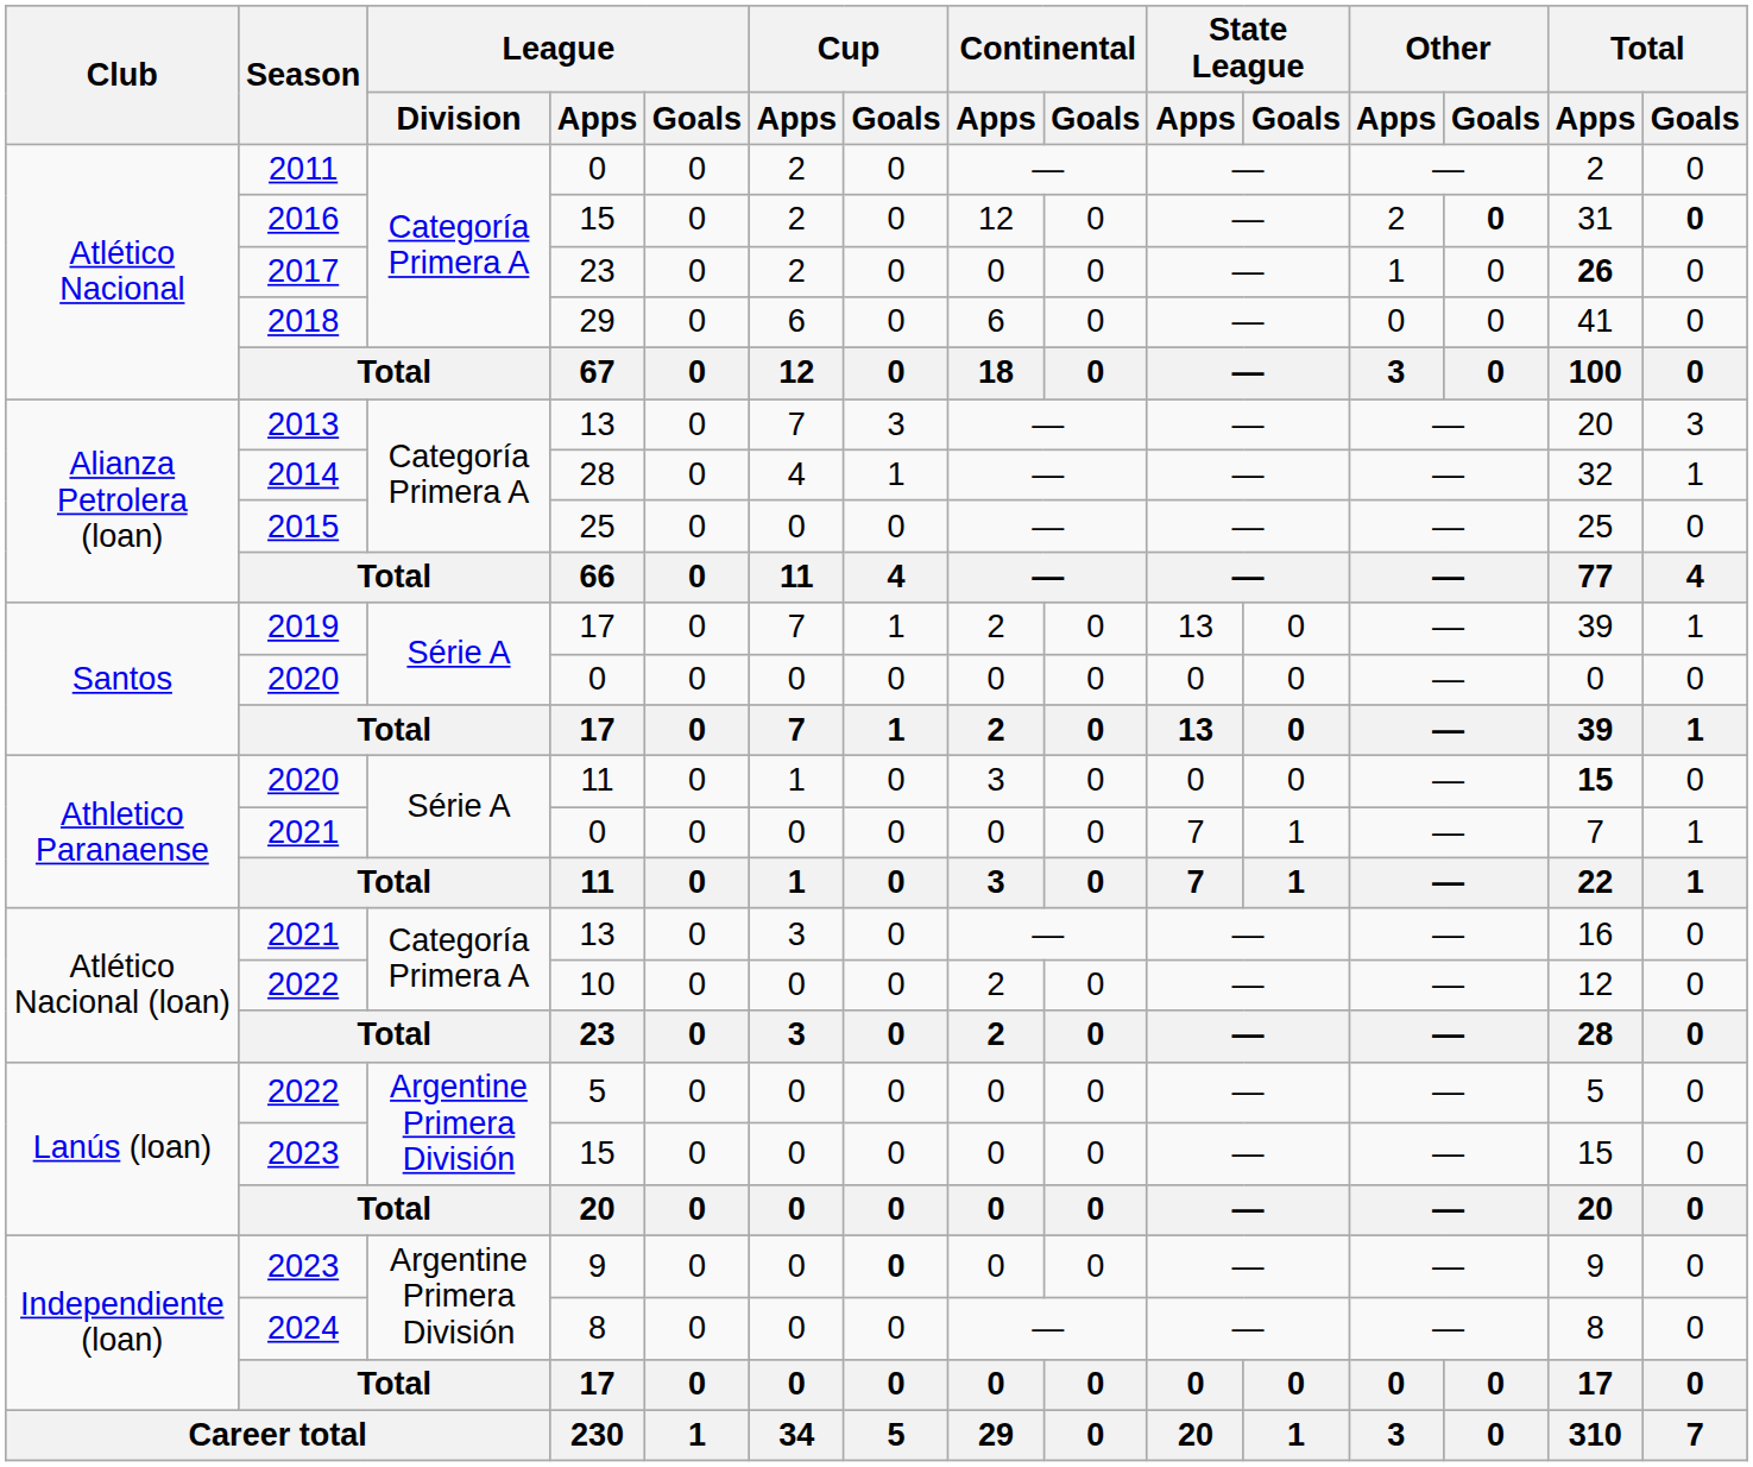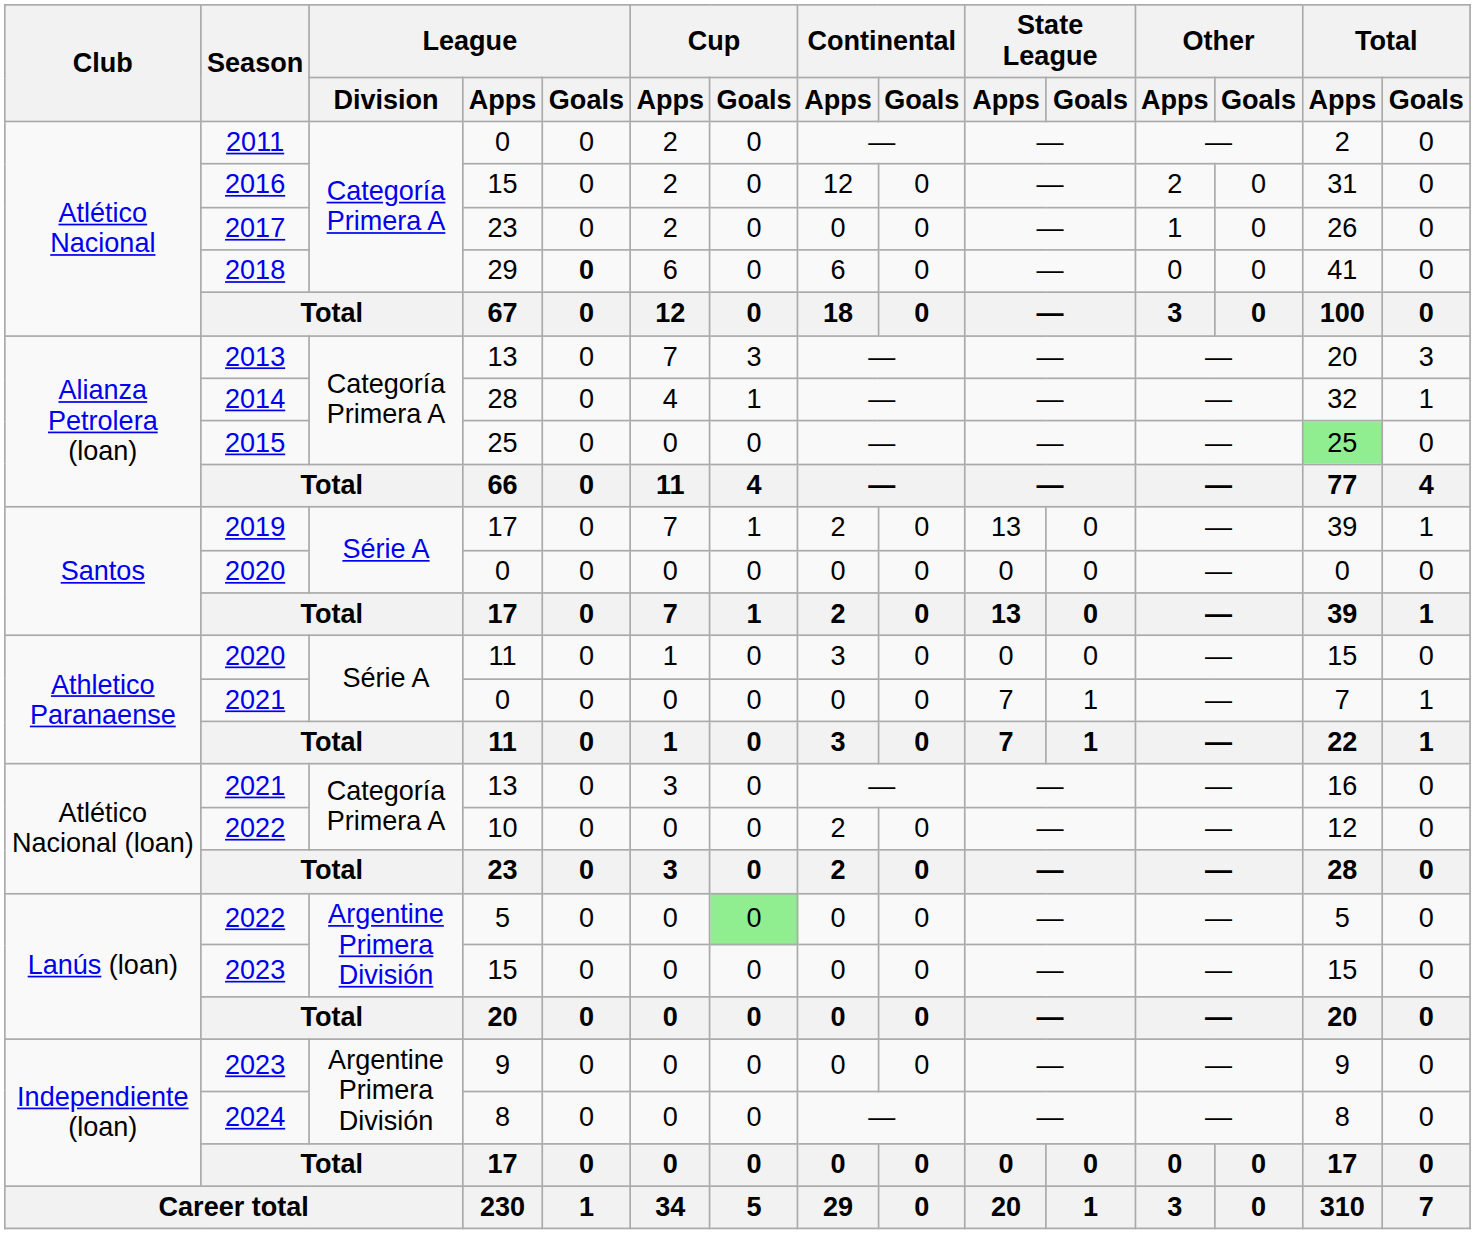 <table class="wikitable" style="text-align: center;">
 <tr>
 <th rowspan="2">Club</th>
 <th rowspan="2">Season</th>
 <th colspan="3">League</th>
 <th colspan="2">Cup</th>
 <th colspan="2">Continental</th>
 <th colspan="2">State League</th>
 <th colspan="2">Other</th>
 <th colspan="2">Total</th>
 </tr>
 <tr>
 <th>Division</th>
 <th>Apps</th>
 <th>Goals</th>
 <th>Apps</th>
 <th>Goals</th>
 <th>Apps</th>
 <th>Goals</th>
 <th>Apps</th>
 <th>Goals</th>
 <th>Apps</th>
 <th>Goals</th>
 <th>Apps</th>
 <th>Goals</th>
 </tr>
 <tr>
 <td rowspan="5" valign="center"><a href='#'>Atlético Nacional</a></td>
 <td><a href='#'>2011</a></td>
 <td rowspan="4"><a href='#'>Categoría Primera A</a></td>
 <td>0</td>
 <td>0</td>
 <td>2</td>
 <td>0</td>
 <td colspan="2">—</td>
 <td colspan="2">—</td>
 <td colspan="2">—</td>
 <td>2</td>
 <td>0</td>
 </tr>
 <tr>
 <td><a href='#'>2016</a></td>
 <td>15</td>
 <td>0</td>
 <td>2</td>
 <td>0</td>
 <td>12</td>
 <td>0</td>
 <td colspan="2">—</td>
 <td>2</td>
-<td><strong>0</strong></td>
+<td>0</td>
 <td>31</td>
-<td><strong>0</strong></td>
+<td>0</td>
 </tr>
 <tr>
 <td><a href='#'>2017</a></td>
 <td>23</td>
 <td>0</td>
 <td>2</td>
 <td>0</td>
 <td>0</td>
 <td>0</td>
 <td colspan="2">—</td>
 <td>1</td>
 <td>0</td>
-<td><strong>26</strong></td>
+<td>26</td>
 <td>0</td>
 </tr>
 <tr>
 <td><a href='#'>2018</a></td>
 <td>29</td>
-<td>0</td>
+<td><strong>0</strong></td>
 <td>6</td>
 <td>0</td>
 <td>6</td>
 <td>0</td>
 <td colspan="2">—</td>
 <td>0</td>
 <td>0</td>
 <td>41</td>
 <td>0</td>
 </tr>
 <tr>
 <th colspan="2">Total</th>
 <th>67</th>
 <th>0</th>
 <th>12</th>
 <th>0</th>
 <th>18</th>
 <th>0</th>
 <th colspan="2">—</th>
 <th>3</th>
 <th>0</th>
 <th>100</th>
 <th>0</th>
 </tr>
 <tr>
 <td rowspan="4" valign="center"><a href='#'>Alianza Petrolera</a> (loan)</td>
 <td><a href='#'>2013</a></td>
 <td rowspan="3">Categoría Primera A</td>
 <td>13</td>
 <td>0</td>
 <td>7</td>
 <td>3</td>
 <td colspan="2">—</td>
 <td colspan="2">—</td>
 <td colspan="2">—</td>
 <td>20</td>
 <td>3</td>
 </tr>
 <tr>
 <td><a href='#'>2014</a></td>
 <td>28</td>
 <td>0</td>
 <td>4</td>
 <td>1</td>
 <td colspan="2">—</td>
 <td colspan="2">—</td>
 <td colspan="2">—</td>
 <td>32</td>
 <td>1</td>
 </tr>
 <tr>
 <td><a href='#'>2015</a></td>
 <td>25</td>
 <td>0</td>
 <td>0</td>
 <td>0</td>
 <td colspan="2">—</td>
 <td colspan="2">—</td>
 <td colspan="2">—</td>
-<td>25</td>
+<td style="background: lightgreen;">25</td>
 <td>0</td>
 </tr>
 <tr>
 <th colspan="2">Total</th>
 <th>66</th>
 <th>0</th>
 <th>11</th>
 <th>4</th>
 <th colspan="2">—</th>
 <th colspan="2">—</th>
 <th colspan="2">—</th>
 <th>77</th>
 <th>4</th>
 </tr>
 <tr>
 <td rowspan="3" valign="center"><a href='#'>Santos</a></td>
 <td><a href='#'>2019</a></td>
 <td rowspan="2"><a href='#'>Série A</a></td>
 <td>17</td>
 <td>0</td>
 <td>7</td>
 <td>1</td>
 <td>2</td>
 <td>0</td>
 <td>13</td>
 <td>0</td>
 <td colspan="2">—</td>
 <td>39</td>
 <td>1</td>
 </tr>
 <tr>
 <td><a href='#'>2020</a></td>
 <td>0</td>
 <td>0</td>
 <td>0</td>
 <td>0</td>
 <td>0</td>
 <td>0</td>
 <td>0</td>
 <td>0</td>
 <td colspan="2">—</td>
 <td>0</td>
 <td>0</td>
 </tr>
 <tr>
 <th colspan="2">Total</th>
 <th>17</th>
 <th>0</th>
 <th>7</th>
 <th>1</th>
 <th>2</th>
 <th>0</th>
 <th>13</th>
 <th>0</th>
 <th colspan="2">—</th>
 <th>39</th>
 <th>1</th>
 </tr>
 <tr>
 <td rowspan="3" valign="center"><a href='#'>Athletico Paranaense</a></td>
 <td><a href='#'>2020</a></td>
 <td rowspan="2">Série A</td>
 <td>11</td>
 <td>0</td>
 <td>1</td>
 <td>0</td>
 <td>3</td>
 <td>0</td>
 <td>0</td>
 <td>0</td>
 <td colspan="2">—</td>
-<td><strong>15</strong></td>
+<td>15</td>
 <td>0</td>
 </tr>
 <tr>
 <td><a href='#'>2021</a></td>
 <td>0</td>
 <td>0</td>
 <td>0</td>
 <td>0</td>
 <td>0</td>
 <td>0</td>
 <td>7</td>
 <td>1</td>
 <td colspan="2">—</td>
 <td>7</td>
 <td>1</td>
 </tr>
 <tr>
 <th colspan="2">Total</th>
 <th>11</th>
 <th>0</th>
 <th>1</th>
 <th>0</th>
 <th>3</th>
 <th>0</th>
 <th>7</th>
 <th>1</th>
 <th colspan="2">—</th>
 <th>22</th>
 <th>1</th>
 </tr>
 <tr>
 <td rowspan="3">Atlético Nacional (loan)</td>
 <td><a href='#'>2021</a></td>
 <td rowspan="2">Categoría Primera A</td>
 <td>13</td>
 <td>0</td>
 <td>3</td>
 <td>0</td>
 <td colspan="2">—</td>
 <td colspan="2">—</td>
 <td colspan="2">—</td>
 <td>16</td>
 <td>0</td>
 </tr>
 <tr>
 <td><a href='#'>2022</a></td>
 <td>10</td>
 <td>0</td>
 <td>0</td>
 <td>0</td>
 <td>2</td>
 <td>0</td>
 <td colspan="2">—</td>
 <td colspan="2">—</td>
 <td>12</td>
 <td>0</td>
 </tr>
 <tr>
 <th colspan="2">Total</th>
 <th>23</th>
 <th>0</th>
 <th>3</th>
 <th>0</th>
 <th>2</th>
 <th>0</th>
 <th colspan="2">—</th>
 <th colspan="2">—</th>
 <th>28</th>
 <th>0</th>
 </tr>
 <tr>
 <td rowspan="3"><a href='#'>Lanús</a> (loan)</td>
 <td><a href='#'>2022</a></td>
 <td rowspan="2"><a href='#'>Argentine Primera División</a></td>
 <td>5</td>
 <td>0</td>
 <td>0</td>
-<td>0</td>
+<td style="background: lightgreen;">0</td>
 <td>0</td>
 <td>0</td>
 <td colspan="2">—</td>
 <td colspan="2">—</td>
 <td>5</td>
 <td>0</td>
 </tr>
 <tr>
 <td><a href='#'>2023</a></td>
 <td>15</td>
 <td>0</td>
 <td>0</td>
 <td>0</td>
 <td>0</td>
 <td>0</td>
 <td colspan="2">—</td>
 <td colspan="2">—</td>
 <td>15</td>
 <td>0</td>
 </tr>
 <tr>
 <th colspan="2">Total</th>
 <th>20</th>
 <th>0</th>
 <th>0</th>
 <th>0</th>
 <th>0</th>
 <th>0</th>
 <th colspan="2">—</th>
 <th colspan="2">—</th>
 <th>20</th>
 <th>0</th>
 </tr>
 <tr>
 <td rowspan="3"><a href='#'>Independiente</a> (loan)</td>
 <td><a href='#'>2023</a></td>
 <td rowspan="2">Argentine Primera División</td>
 <td>9</td>
 <td>0</td>
 <td>0</td>
-<td><strong>0</strong></td>
+<td>0</td>
 <td>0</td>
 <td>0</td>
 <td colspan="2">—</td>
 <td colspan="2">—</td>
 <td>9</td>
 <td>0</td>
 </tr>
 <tr>
 <td><a href='#'>2024</a></td>
 <td>8</td>
 <td>0</td>
 <td>0</td>
 <td>0</td>
 <td colspan="2">—</td>
 <td colspan="2">—</td>
 <td colspan="2">—</td>
 <td>8</td>
 <td>0</td>
 </tr>
 <tr>
 <th colspan="2">Total</th>
 <th>17</th>
 <th>0</th>
 <th>0</th>
 <th>0</th>
 <th>0</th>
 <th>0</th>
 <th>0</th>
 <th>0</th>
 <th>0</th>
 <th>0</th>
 <th>17</th>
 <th>0</th>
 </tr>
 <tr>
 <th colspan="3"><strong>Career total</strong></th>
 <th>230</th>
 <th>1</th>
 <th>34</th>
 <th>5</th>
 <th>29</th>
 <th>0</th>
 <th>20</th>
 <th>1</th>
 <th>3</th>
 <th>0</th>
 <th>310</th>
 <th>7</th>
 </tr>
 </table>
